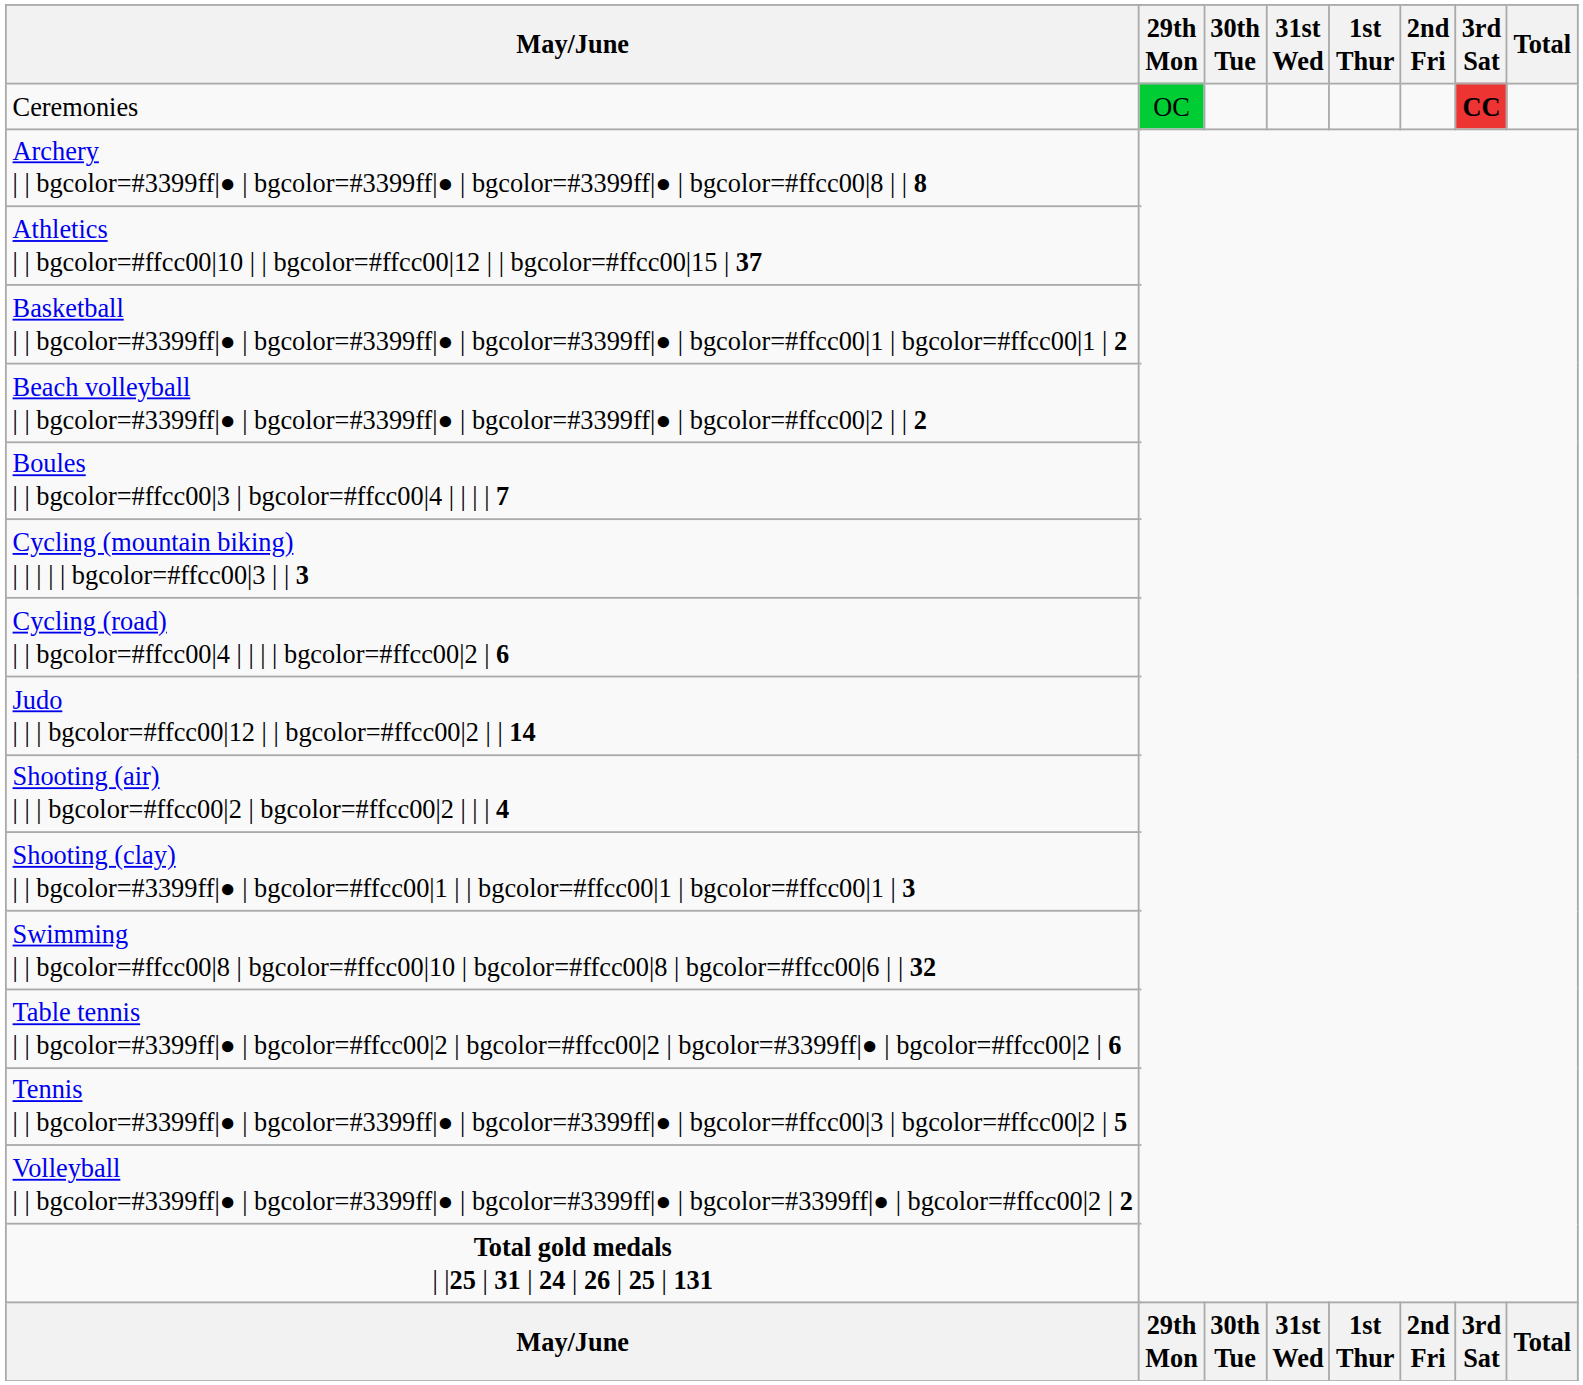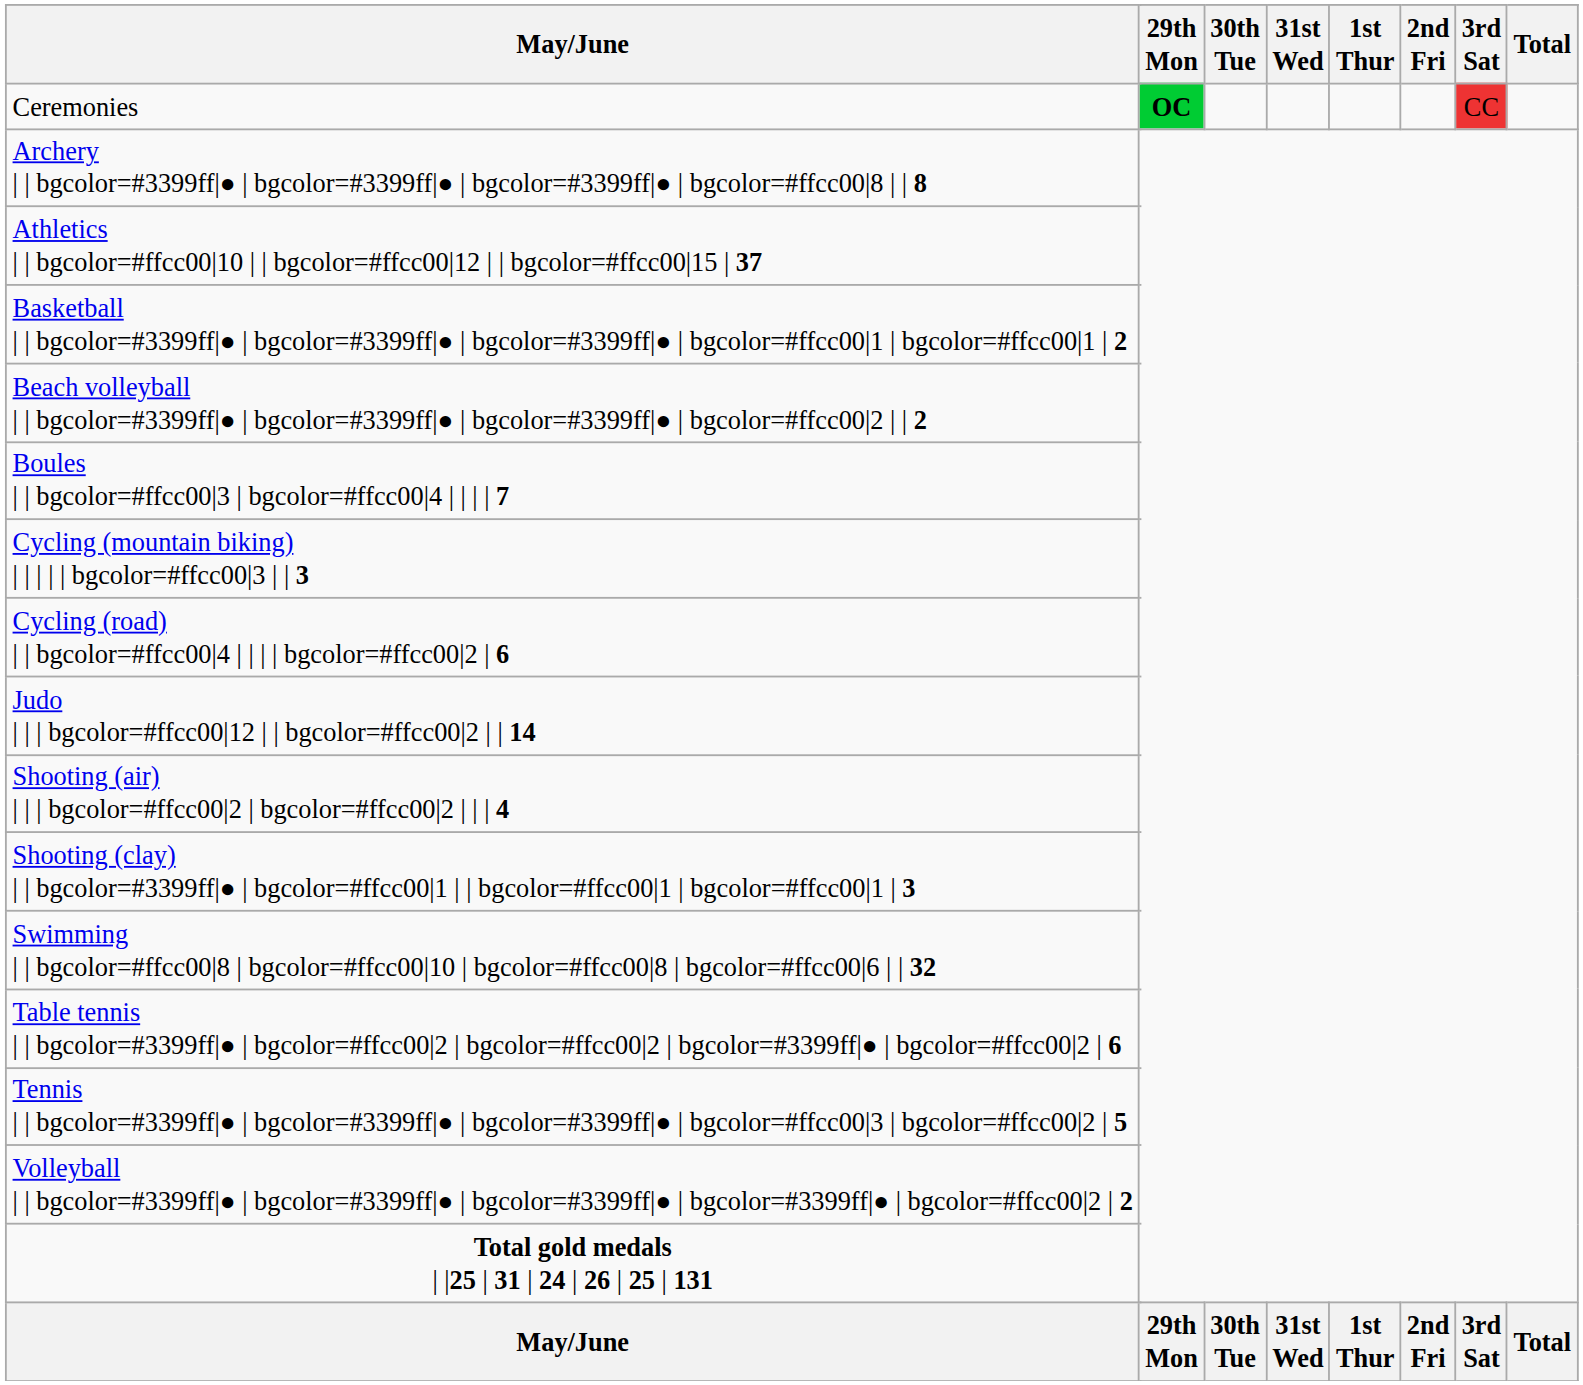 <table class="wikitable" style="margin:0.5em auto; font-size:90%; line-height:1.25em;">
 <tr>
 <th colspan=2>May/June</th>
 <th>29th<br>Mon</th>
 <th>30th<br>Tue</th>
 <th>31st<br>Wed</th>
 <th>1st<br>Thur</th>
 <th>2nd<br>Fri</th>
 <th>3rd<br>Sat</th>
 <th>Total</th>
 </tr>
 <tr>
 <td colspan=2>Ceremonies</td>
-<td bgcolor=#00cc33 align=center>OC</td>
+<td bgcolor=#00cc33 align=center><strong>OC</strong></td>
 <td></td>
 <td></td>
 <td></td>
 <td></td>
-<td bgcolor=#ee3333 align=center><strong>CC</strong></td>
+<td bgcolor=#ee3333 align=center>CC</td>
 <td></td>
 </tr>
 <tr align="center">
 <td colspan=2 align="left"> <a href='#'>Archery</a><br>|  | bgcolor=#3399ff|● | bgcolor=#3399ff|● | bgcolor=#3399ff|● | bgcolor=#ffcc00|8 |  | <strong>8</strong></td>
 </tr>
 <tr align="center">
 <td colspan=2 align="left"> <a href='#'>Athletics</a><br>|  | bgcolor=#ffcc00|10 | | bgcolor=#ffcc00|12 | | bgcolor=#ffcc00|15 | <strong>37</strong></td>
 </tr>
 <tr align="center">
 <td colspan=2 align="left"> <a href='#'>Basketball</a><br>| | bgcolor=#3399ff|● | bgcolor=#3399ff|● | bgcolor=#3399ff|● | bgcolor=#ffcc00|1 | bgcolor=#ffcc00|1 | <strong>2</strong></td>
 </tr>
 <tr align="center">
 <td colspan=2 align="left"> <a href='#'>Beach volleyball</a><br>|  | bgcolor=#3399ff|● | bgcolor=#3399ff|● | bgcolor=#3399ff|● | bgcolor=#ffcc00|2 |  | <strong>2</strong></td>
 </tr>
 <tr align="center">
 <td colspan=2 align="left"> <a href='#'>Boules</a><br>|  | bgcolor=#ffcc00|3 | bgcolor=#ffcc00|4 | |  |  | <strong>7</strong></td>
 </tr>
 <tr align="center">
 <td colspan=2 align="left"> <a href='#'>Cycling (mountain biking)</a><br>|  | |  | | bgcolor=#ffcc00|3 |  | <strong>3</strong></td>
 </tr>
 <tr align="center">
 <td colspan=2 align="left"> <a href='#'>Cycling (road)</a><br>|  | bgcolor=#ffcc00|4 |  | | | bgcolor=#ffcc00|2 | <strong>6</strong></td>
 </tr>
 <tr align="center">
 <td colspan=2 align="left"> <a href='#'>Judo</a><br>|  | | bgcolor=#ffcc00|12 |  | bgcolor=#ffcc00|2 |  | <strong>14</strong></td>
 </tr>
 <tr align="center">
 <td colspan=2 align="left"> <a href='#'>Shooting (air)</a><br>|  |  | bgcolor=#ffcc00|2 | bgcolor=#ffcc00|2 |  |  | <strong>4</strong></td>
 </tr>
 <tr align="center">
 <td colspan=2 align="left"> <a href='#'>Shooting (clay)</a><br>|  | bgcolor=#3399ff|● | bgcolor=#ffcc00|1 |  | bgcolor=#ffcc00|1 | bgcolor=#ffcc00|1 | <strong>3</strong></td>
 </tr>
 <tr align="center">
 <td colspan=2 align="left"> <a href='#'>Swimming</a><br>|  | bgcolor=#ffcc00|8 | bgcolor=#ffcc00|10 | bgcolor=#ffcc00|8 | bgcolor=#ffcc00|6 |  | <strong>32</strong></td>
 </tr>
 <tr align="center">
 <td colspan=2 align="left"> <a href='#'>Table tennis</a><br>|  | bgcolor=#3399ff|● | bgcolor=#ffcc00|2 | bgcolor=#ffcc00|2 | bgcolor=#3399ff|● | bgcolor=#ffcc00|2 | <strong>6</strong></td>
 </tr>
 <tr align="center">
 <td colspan=2 align="left"> <a href='#'>Tennis</a><br>|  | bgcolor=#3399ff|● | bgcolor=#3399ff|● | bgcolor=#3399ff|● | bgcolor=#ffcc00|3 | bgcolor=#ffcc00|2 | <strong>5</strong></td>
 </tr>
 <tr align="center">
 <td colspan=2 align="left"> <a href='#'>Volleyball</a><br>|  | bgcolor=#3399ff|● | bgcolor=#3399ff|● | bgcolor=#3399ff|● | bgcolor=#3399ff|● | bgcolor=#ffcc00|2 | <strong>2</strong></td>
 </tr>
 <tr align="center">
 <td colspan=2><strong>Total gold medals</strong><br>|  |<strong>25</strong> | <strong>31</strong> | <strong>24</strong> | <strong>26</strong> | <strong>25</strong> | <strong>131</strong></td>
 </tr>
 <tr>
 <th colspan=2>May/June</th>
 <th>29th<br>Mon</th>
 <th>30th<br>Tue</th>
 <th>31st<br>Wed</th>
 <th>1st<br>Thur</th>
 <th>2nd<br>Fri</th>
 <th>3rd<br>Sat</th>
 <th>Total</th>
 </tr>
 </table>
